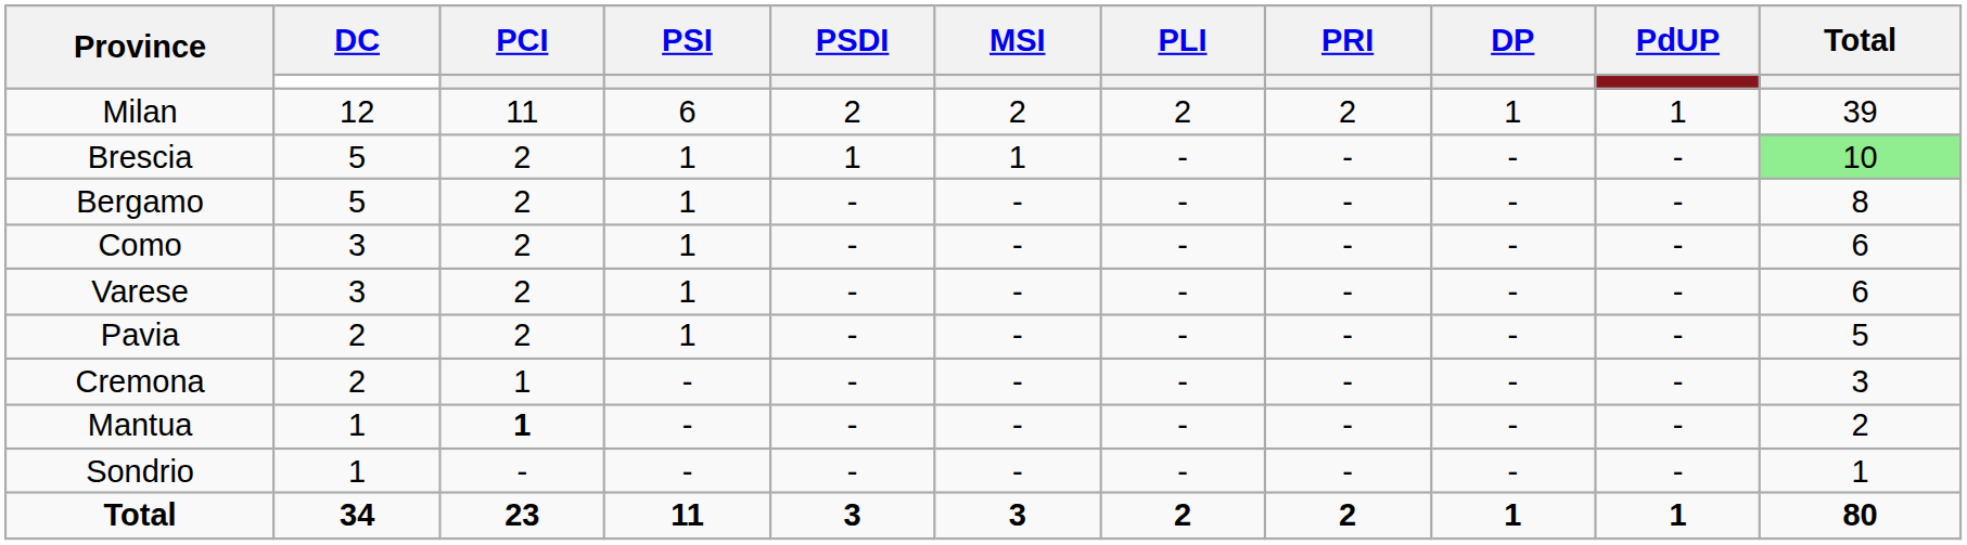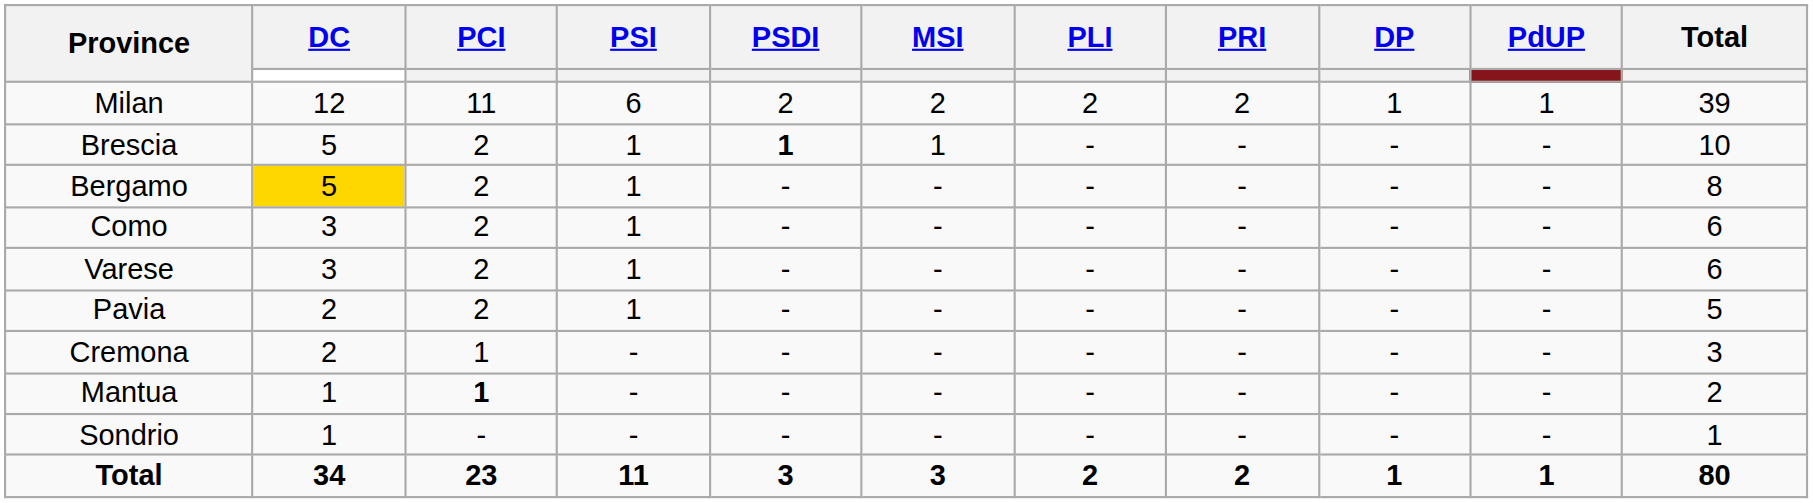 <table class="wikitable" style="text-align:center;font-size:85%;line-height:13px">
 <tr style="height:30px; background-color:#E9E9E9">
 <th style="width:110px;" rowspan="2">Province</th>
 <th style="width:65px;"><a href='#'>DC</a></th>
 <th style="width:65px;"><a href='#'>PCI</a></th>
 <th style="width:65px;"><a href='#'>PSI</a></th>
 <th style="width:65px;"><a href='#'>PSDI</a></th>
 <th style="width:65px;"><a href='#'>MSI</a></th>
 <th style="width:65px;"><a href='#'>PLI</a></th>
 <th style="width:65px;"><a href='#'>PRI</a></th>
 <th style="width:65px;"><a href='#'>DP</a></th>
 <th style="width:65px;"><a href='#'>PdUP</a></th>
 <th style="width:80px;">Total</th>
 </tr>
 <tr>
 <th style="background:white;"></th>
 <th style="background:"></th>
 <th style="background:"></th>
 <th style="background:"></th>
 <th style="background:"></th>
 <th style="background:"></th>
 <th style="background:"></th>
 <th style="background:"></th>
 <th style="background:#85151A;"></th>
 <th style="background:"></th>
 </tr>
 <tr>
 <td>Milan</td>
 <td>12</td>
 <td>11</td>
 <td>6</td>
 <td>2</td>
 <td>2</td>
 <td>2</td>
 <td>2</td>
 <td>1</td>
 <td>1</td>
 <td>39</td>
 </tr>
 <tr>
 <td>Brescia</td>
 <td>5</td>
 <td>2</td>
 <td>1</td>
-<td>1</td>
+<td><strong>1</strong></td>
 <td>1</td>
 <td>-</td>
 <td>-</td>
 <td>-</td>
 <td>-</td>
-<td style="background: lightgreen;">10</td>
+<td>10</td>
 </tr>
 <tr>
 <td>Bergamo</td>
-<td>5</td>
+<td style="background: gold;">5</td>
 <td>2</td>
 <td>1</td>
 <td>-</td>
 <td>-</td>
 <td>-</td>
 <td>-</td>
 <td>-</td>
 <td>-</td>
 <td>8</td>
 </tr>
 <tr>
 <td>Como</td>
 <td>3</td>
 <td>2</td>
 <td>1</td>
 <td>-</td>
 <td>-</td>
 <td>-</td>
 <td>-</td>
 <td>-</td>
 <td>-</td>
 <td>6</td>
 </tr>
 <tr>
 <td>Varese</td>
 <td>3</td>
 <td>2</td>
 <td>1</td>
 <td>-</td>
 <td>-</td>
 <td>-</td>
 <td>-</td>
 <td>-</td>
 <td>-</td>
 <td>6</td>
 </tr>
 <tr>
 <td>Pavia</td>
 <td>2</td>
 <td>2</td>
 <td>1</td>
 <td>-</td>
 <td>-</td>
 <td>-</td>
 <td>-</td>
 <td>-</td>
 <td>-</td>
 <td>5</td>
 </tr>
 <tr>
 <td>Cremona</td>
 <td>2</td>
 <td>1</td>
 <td>-</td>
 <td>-</td>
 <td>-</td>
 <td>-</td>
 <td>-</td>
 <td>-</td>
 <td>-</td>
 <td>3</td>
 </tr>
 <tr>
 <td>Mantua</td>
 <td>1</td>
 <td><strong>1</strong></td>
 <td>-</td>
 <td>-</td>
 <td>-</td>
 <td>-</td>
 <td>-</td>
 <td>-</td>
 <td>-</td>
 <td>2</td>
 </tr>
 <tr>
 <td>Sondrio</td>
 <td>1</td>
 <td>-</td>
 <td>-</td>
 <td>-</td>
 <td>-</td>
 <td>-</td>
 <td>-</td>
 <td>-</td>
 <td>-</td>
 <td>1</td>
 </tr>
 <tr>
 <td><strong>Total</strong></td>
 <td><strong>34</strong></td>
 <td><strong>23</strong></td>
 <td><strong>11</strong></td>
 <td><strong>3</strong></td>
 <td><strong>3</strong></td>
 <td><strong>2</strong></td>
 <td><strong>2</strong></td>
 <td><strong>1</strong></td>
 <td><strong>1</strong></td>
 <td><strong>80</strong></td>
 </tr>
 </table>
